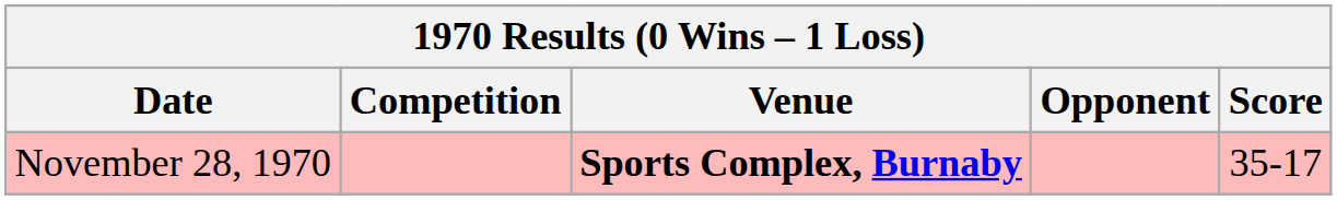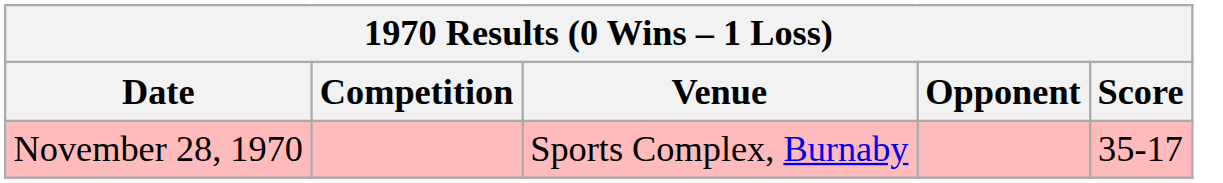 <table class="wikitable sortable">
 <tr>
 <th colspan="5"><strong>1970 Results (0 Wins – 1 Loss)</strong></th>
 </tr>
 <tr>
 <th>Date</th>
 <th>Competition</th>
 <th>Venue</th>
 <th>Opponent</th>
 <th>Score</th>
 </tr>
 <tr style="background:#fbb;">
 <td align=center>November 28, 1970</td>
 <td align=center></td>
-<td align=center><strong>Sports Complex, <a href='#'>Burnaby</a></strong></td>
+<td align=center>Sports Complex, <a href='#'>Burnaby</a></td>
 <td></td>
 <td align=center>35-17</td>
 </tr>
 </table>
